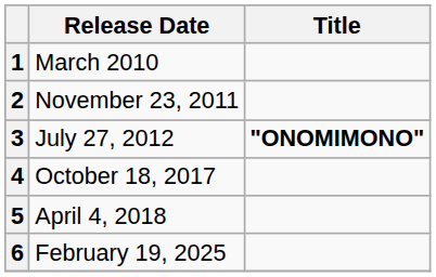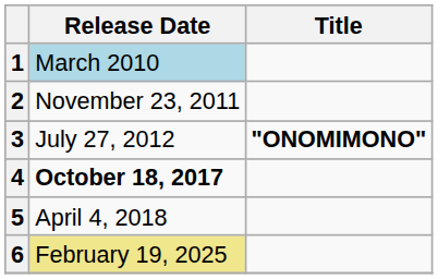 <table class="wikitable" style="font-size:small">
 <tr>
 <th></th>
 <th>Release Date</th>
 <th>Title</th>
 </tr>
 <tr>
 <th>1</th>
-<td>March 2010</td>
+<td style="background: lightblue;">March 2010</td>
 <td><strong></strong></td>
 </tr>
 <tr>
 <th>2</th>
 <td>November 23, 2011</td>
 <td><strong></strong></td>
 </tr>
 <tr>
 <th>3</th>
 <td>July 27, 2012</td>
 <td><strong>"ONOMIMONO"</strong></td>
 </tr>
 <tr>
 <th>4</th>
-<td>October 18, 2017</td>
+<td><strong>October 18, 2017</strong></td>
 <td><strong></strong></td>
 </tr>
 <tr>
 <th>5</th>
 <td>April 4, 2018</td>
 <td><strong></strong></td>
 </tr>
 <tr>
 <th>6</th>
-<td>February 19, 2025</td>
+<td style="background: khaki;">February 19, 2025</td>
 <td><strong></strong></td>
 </tr>
 <tr>
 </tr>
 </table>
